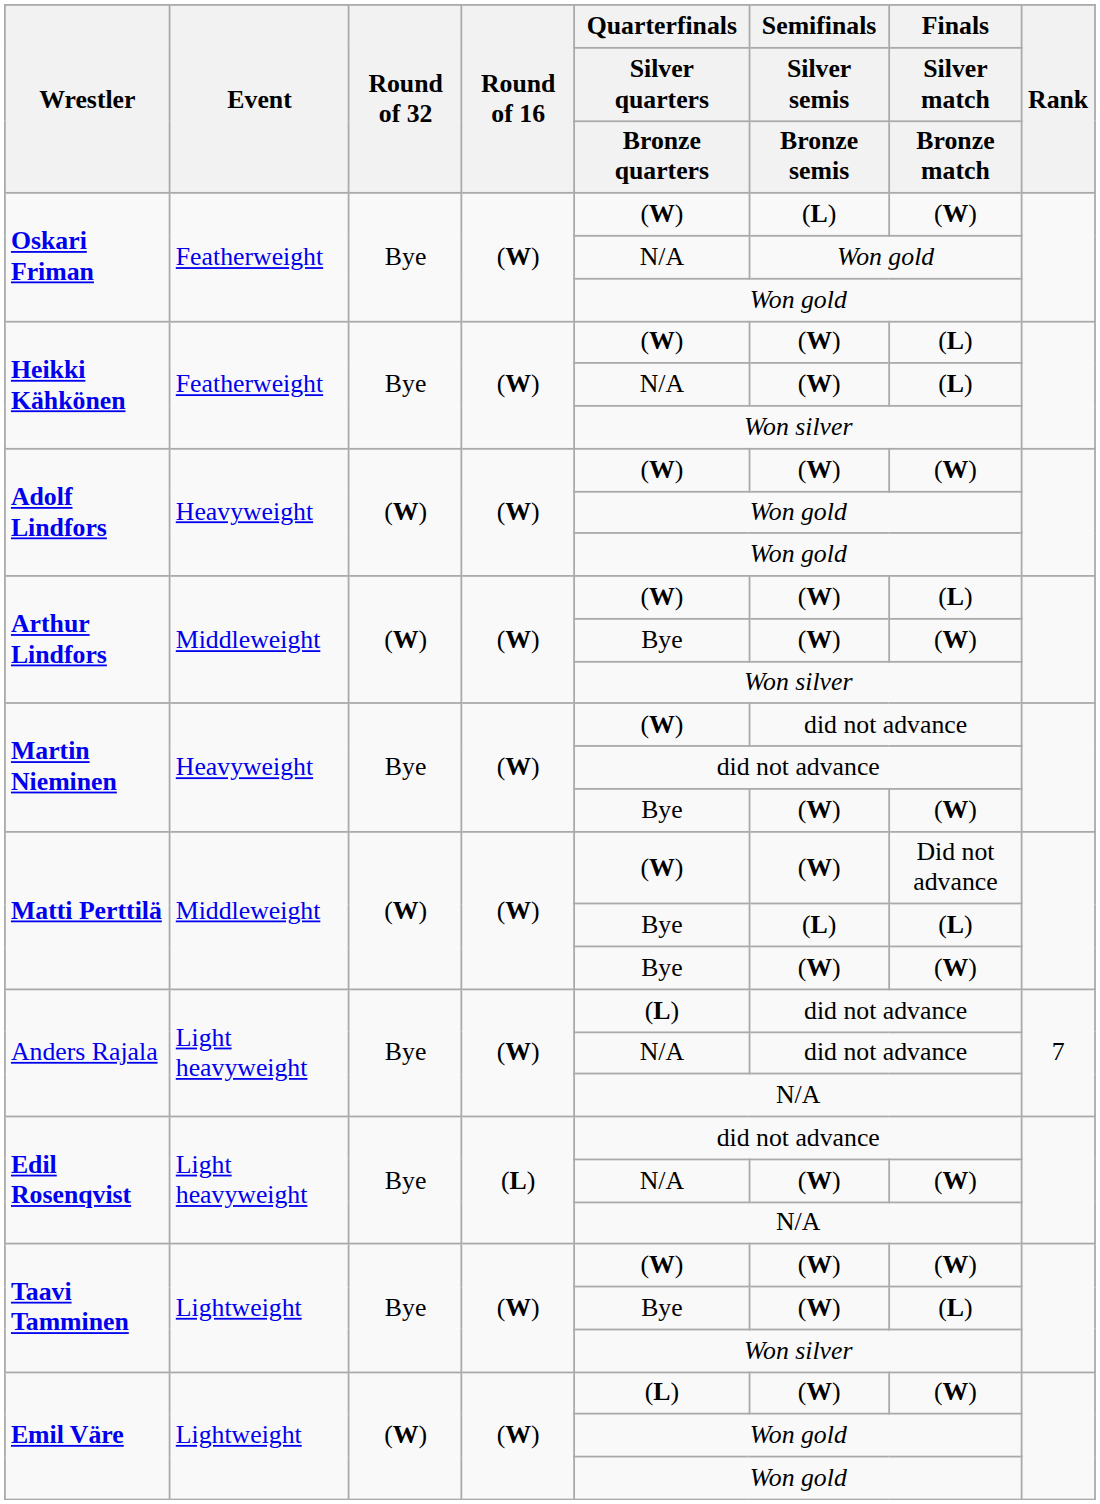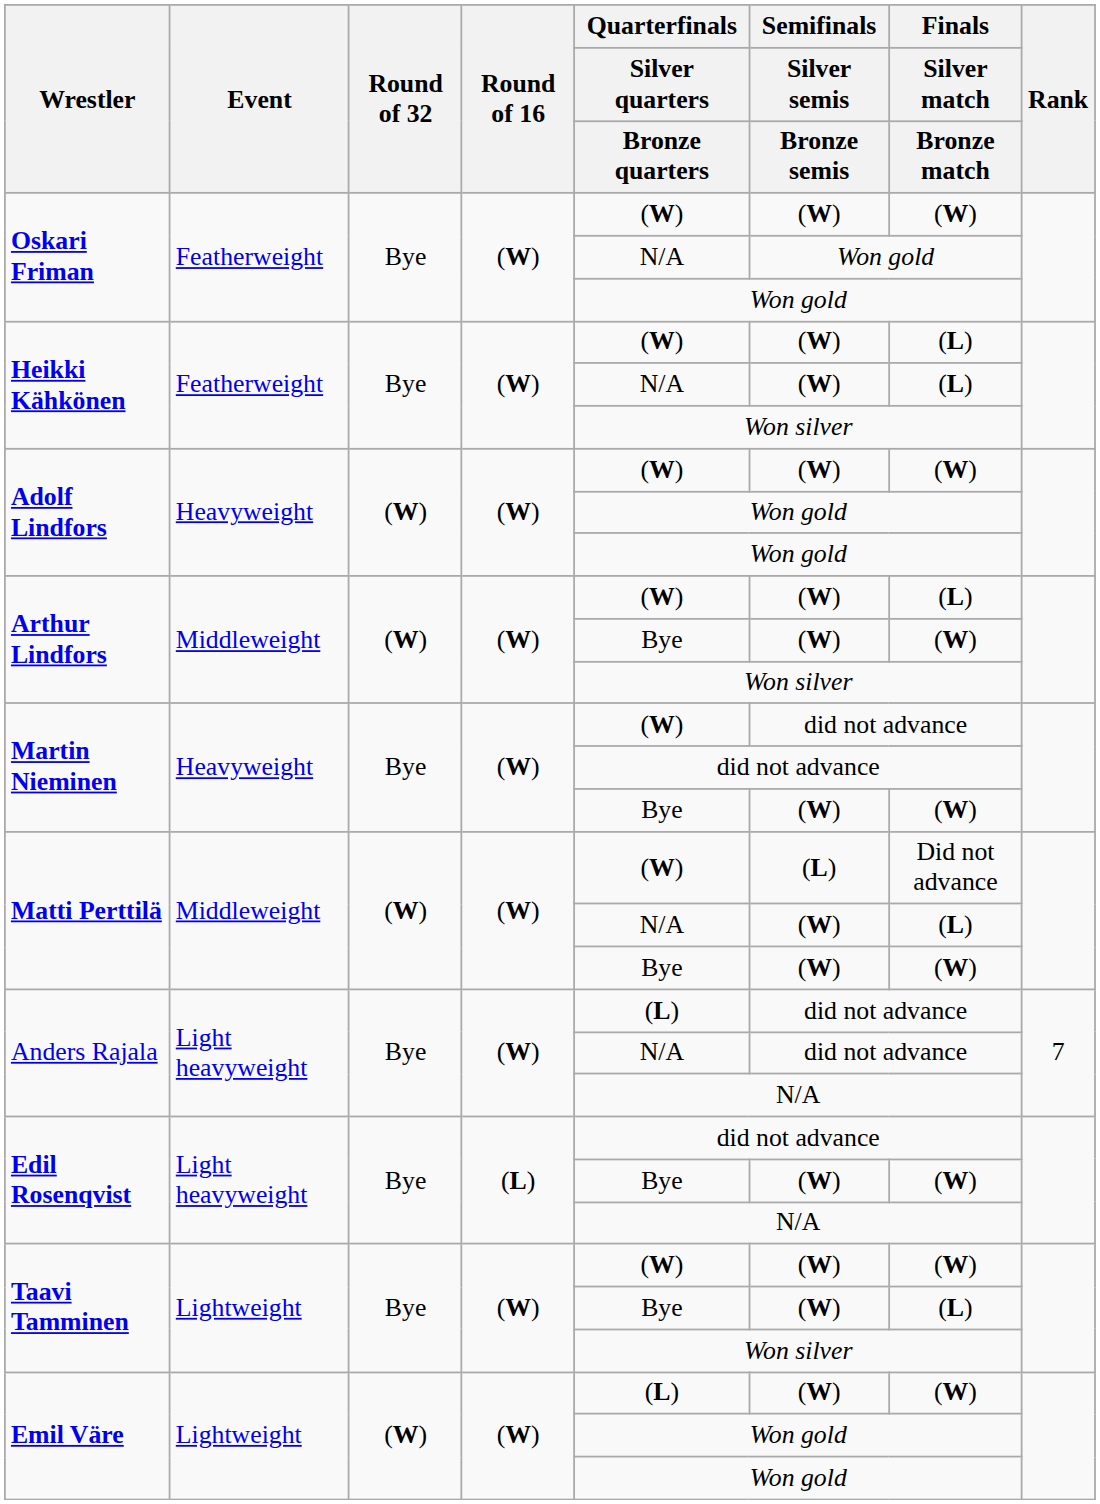 <table class=wikitable style="font-size:90%">
 <tr>
 <th rowspan=3>Wrestler</th>
 <th rowspan=3>Event</th>
 <th rowspan=3>Round of 32</th>
 <th rowspan=3>Round of 16</th>
 <th>Quarterfinals</th>
 <th>Semifinals</th>
 <th>Finals</th>
 <th rowspan=3>Rank</th>
 </tr>
 <tr>
 <th>Silver quarters</th>
 <th>Silver semis</th>
 <th>Silver match</th>
 </tr>
 <tr>
 <th>Bronze quarters</th>
 <th>Bronze semis</th>
 <th>Bronze match</th>
 </tr>
 <tr>
 <td rowspan=3><strong><a href='#'>Oskari Friman</a></strong></td>
 <td rowspan=3><a href='#'>Featherweight</a></td>
 <td align=center rowspan=3>Bye</td>
 <td align=center rowspan=3> (<strong>W</strong>)</td>
 <td align=center> (<strong>W</strong>)</td>
-<td align=center> (<strong>L</strong>)</td>
+<td align=center> (<strong>W</strong>)</td>
 <td align=center> (<strong>W</strong>)</td>
 <td align=center rowspan=3></td>
 </tr>
 <tr>
 <td align=center>N/A</td>
 <td align=center colspan=2><em>Won gold</em></td>
 </tr>
 <tr>
 <td align=center colspan=3><em>Won gold</em></td>
 </tr>
 <tr>
 <td rowspan=3><strong><a href='#'>Heikki Kähkönen</a></strong></td>
 <td rowspan=3><a href='#'>Featherweight</a></td>
 <td align=center rowspan=3>Bye</td>
 <td align=center rowspan=3> (<strong>W</strong>)</td>
 <td align=center> (<strong>W</strong>)</td>
 <td align=center> (<strong>W</strong>)</td>
 <td align=center> (<strong>L</strong>)</td>
 <td align=center rowspan=3></td>
 </tr>
 <tr>
 <td align=center>N/A</td>
 <td align=center> (<strong>W</strong>)</td>
 <td align=center> (<strong>L</strong>)</td>
 </tr>
 <tr>
 <td align=center colspan=3><em>Won silver</em></td>
 </tr>
 <tr>
 <td rowspan=3><strong><a href='#'>Adolf Lindfors</a></strong></td>
 <td rowspan=3><a href='#'>Heavyweight</a></td>
 <td align=center rowspan=3> (<strong>W</strong>)</td>
 <td align=center rowspan=3> (<strong>W</strong>)</td>
 <td align=center> (<strong>W</strong>)</td>
 <td align=center> (<strong>W</strong>)</td>
 <td align=center> (<strong>W</strong>)</td>
 <td align=center rowspan=3></td>
 </tr>
 <tr>
 <td align=center colspan=3><em>Won gold</em></td>
 </tr>
 <tr>
 <td align=center colspan=3><em>Won gold</em></td>
 </tr>
 <tr>
 <td rowspan=3><strong><a href='#'>Arthur Lindfors</a></strong></td>
 <td rowspan=3><a href='#'>Middleweight</a></td>
 <td align=center rowspan=3> (<strong>W</strong>)</td>
 <td align=center rowspan=3> (<strong>W</strong>)</td>
 <td align=center> (<strong>W</strong>)</td>
 <td align=center> (<strong>W</strong>)</td>
 <td align=center> (<strong>L</strong>)</td>
 <td align=center rowspan=3></td>
 </tr>
 <tr>
 <td align=center>Bye</td>
 <td align=center> (<strong>W</strong>)</td>
 <td align=center> (<strong>W</strong>)</td>
 </tr>
 <tr>
 <td align=center colspan=3><em>Won silver</em></td>
 </tr>
 <tr>
 <td rowspan=3><strong><a href='#'>Martin Nieminen</a></strong></td>
 <td rowspan=3><a href='#'>Heavyweight</a></td>
 <td align=center rowspan=3>Bye</td>
 <td align=center rowspan=3> (<strong>W</strong>)</td>
 <td align=center> (<strong>W</strong>)</td>
 <td align=center colspan=2>did not advance</td>
 <td align=center rowspan=3></td>
 </tr>
 <tr>
 <td align=center colspan=3>did not advance</td>
 </tr>
 <tr>
 <td align=center>Bye</td>
 <td align=center> (<strong>W</strong>)</td>
 <td align=center> (<strong>W</strong>)</td>
 </tr>
 <tr>
 <td rowspan=3><strong><a href='#'>Matti Perttilä</a></strong></td>
 <td rowspan=3><a href='#'>Middleweight</a></td>
 <td align=center rowspan=3> (<strong>W</strong>)</td>
 <td align=center rowspan=3> (<strong>W</strong>)</td>
 <td align=center> (<strong>W</strong>)</td>
-<td align=center> (<strong>W</strong>)</td>
+<td align=center> (<strong>L</strong>)</td>
 <td align=center>Did not advance</td>
 <td align=center rowspan=3></td>
 </tr>
 <tr>
-<td align=center>Bye</td>
-<td align=center> (<strong>L</strong>)</td>
+<td align=center>N/A</td>
+<td align=center> (<strong>W</strong>)</td>
 <td align=center> (<strong>L</strong>)</td>
 </tr>
 <tr>
 <td align=center>Bye</td>
 <td align=center> (<strong>W</strong>)</td>
 <td align=center> (<strong>W</strong>)</td>
 </tr>
 <tr>
 <td rowspan=3><a href='#'>Anders Rajala</a></td>
 <td rowspan=3><a href='#'>Light heavyweight</a></td>
 <td align=center rowspan=3>Bye</td>
 <td align=center rowspan=3> (<strong>W</strong>)</td>
 <td align=center> (<strong>L</strong>)</td>
 <td align=center colspan=2>did not advance</td>
 <td align=center rowspan=3>7</td>
 </tr>
 <tr>
 <td align=center>N/A</td>
 <td align=center colspan=2>did not advance</td>
 </tr>
 <tr>
 <td align=center colspan=3>N/A</td>
 </tr>
 <tr>
 <td rowspan=3><strong><a href='#'>Edil Rosenqvist</a></strong></td>
 <td rowspan=3><a href='#'>Light heavyweight</a></td>
 <td align=center rowspan=3>Bye</td>
 <td align=center rowspan=3> (<strong>L</strong>)</td>
 <td align=center colspan=3>did not advance</td>
 <td align=center rowspan=3></td>
 </tr>
 <tr>
-<td align=center>N/A</td>
+<td align=center>Bye</td>
 <td align=center> (<strong>W</strong>)</td>
 <td align=center> (<strong>W</strong>)</td>
 </tr>
 <tr>
 <td align=center colspan=3>N/A</td>
 </tr>
 <tr>
 <td rowspan=3><strong><a href='#'>Taavi Tamminen</a></strong></td>
 <td rowspan=3><a href='#'>Lightweight</a></td>
 <td align=center rowspan=3>Bye</td>
 <td align=center rowspan=3> (<strong>W</strong>)</td>
 <td align=center> (<strong>W</strong>)</td>
 <td align=center> (<strong>W</strong>)</td>
 <td align=center> (<strong>W</strong>)</td>
 <td align=center rowspan=3></td>
 </tr>
 <tr>
 <td align=center>Bye</td>
 <td align=center> (<strong>W</strong>)</td>
 <td align=center> (<strong>L</strong>)</td>
 </tr>
 <tr>
 <td align=center colspan=3><em>Won silver</em></td>
 </tr>
 <tr>
 <td rowspan=3><strong><a href='#'>Emil Väre</a></strong></td>
 <td rowspan=3><a href='#'>Lightweight</a></td>
 <td align=center rowspan=3> (<strong>W</strong>)</td>
 <td align=center rowspan=3> (<strong>W</strong>)</td>
 <td align=center> (<strong>L</strong>)</td>
 <td align=center> (<strong>W</strong>)</td>
 <td align=center> (<strong>W</strong>)</td>
 <td align=center rowspan=3></td>
 </tr>
 <tr>
 <td align=center colspan=3><em>Won gold</em></td>
 </tr>
 <tr>
 <td align=center colspan=3><em>Won gold</em></td>
 </tr>
 </table>
